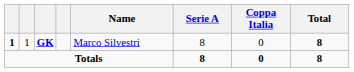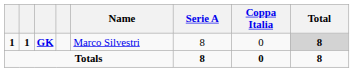 <table class="wikitable" style="text-align:center">
 <tr>
 <th width=15></th>
 <th width=15></th>
 <th width=15></th>
 <th width=15></th>
 <th width=145>Name</th>
 <th width=80><strong><a href='#'>Serie A</a></strong></th>
 <th width=80><strong><a href='#'>Coppa Italia</a></strong></th>
 <th width=80>Total</th>
 </tr>
 <tr>
 <td><strong>1</strong></td>
-<td>1</td>
+<td><strong>1</strong></td>
 <td><strong><a href='#'>GK</a></strong></td>
 <td></td>
 <td align=left><a href='#'>Marco Silvestri</a></td>
 <td>8</td>
 <td>0</td>
-<td><strong>8</strong></td>
+<td style="background: lightgrey;"><strong>8</strong></td>
 </tr>
 <tr>
 <td colspan=5><strong>Totals</strong></td>
 <td><strong>8</strong></td>
 <td><strong>0</strong></td>
 <td><strong>8</strong></td>
 </tr>
 </table>
